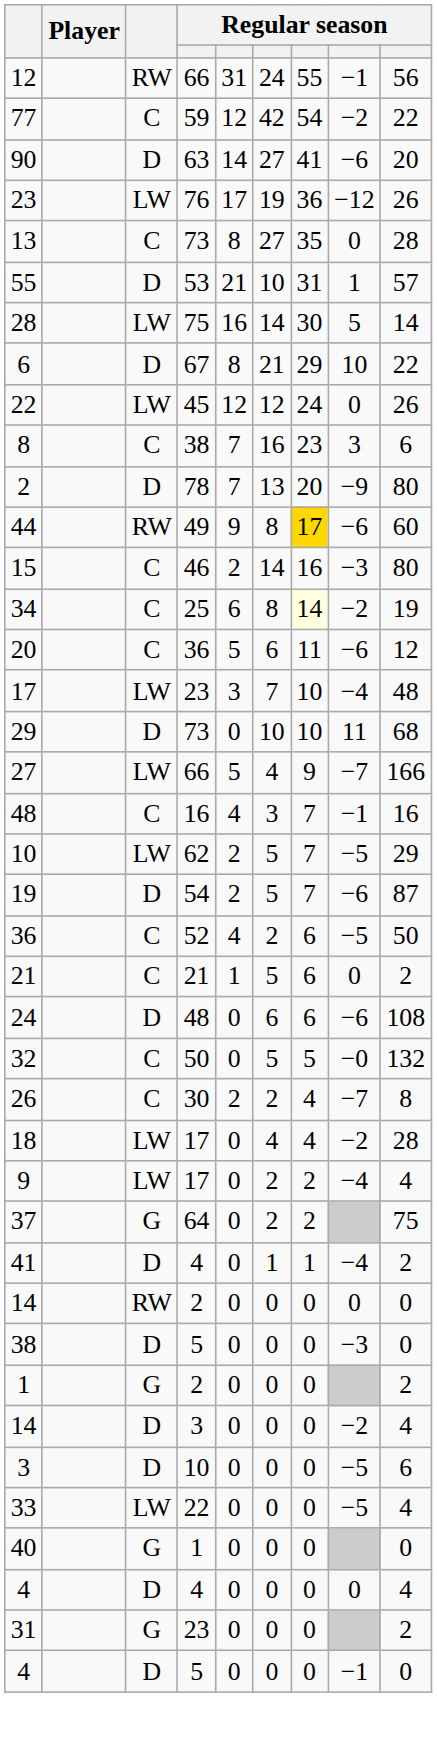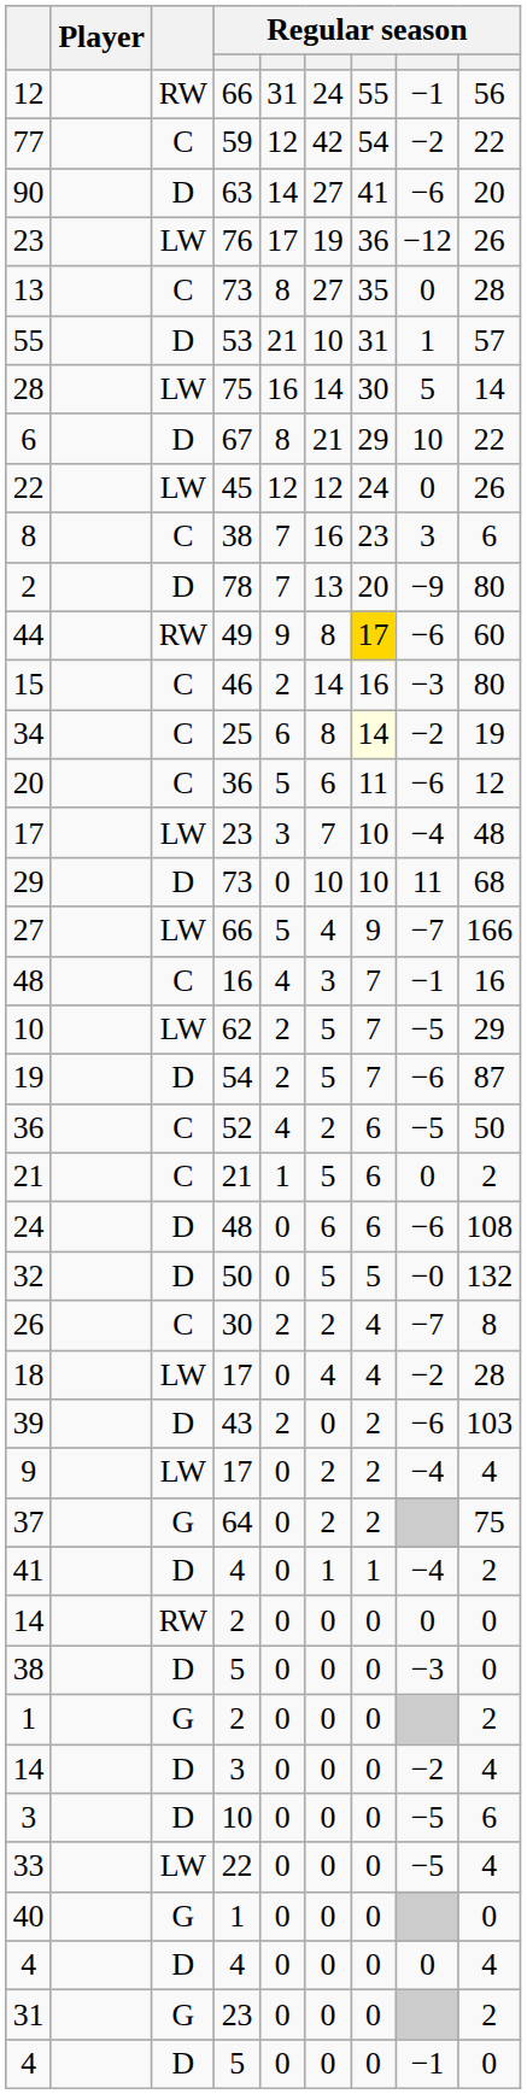 <table class="wikitable sortable plainrowheaders" style="text-align:center;">
 <tr>
 <th scope="col" data-sort-type="number" rowspan="2"></th>
 <th scope="col" rowspan="2">Player</th>
 <th scope="col" rowspan="2"></th>
 <th scope=colgroup colspan=6>Regular season</th>
 </tr>
 <tr>
 <th scope="col" data-sort-type="number"></th>
 <th scope="col" data-sort-type="number"></th>
 <th scope="col" data-sort-type="number"></th>
 <th scope="col" data-sort-type="number"></th>
 <th scope="col" data-sort-type="number"></th>
 <th scope="col" data-sort-type="number"></th>
 </tr>
 <tr>
 <td scope="row">12</td>
 <td align="left"></td>
 <td>RW</td>
 <td>66</td>
 <td>31</td>
 <td>24</td>
 <td>55</td>
 <td>−1</td>
 <td>56</td>
 </tr>
 <tr>
 <td scope="row">77</td>
 <td align="left"></td>
 <td>C</td>
 <td>59</td>
 <td>12</td>
 <td>42</td>
 <td>54</td>
 <td>−2</td>
 <td>22</td>
 </tr>
 <tr>
 <td scope="row">90</td>
 <td align="left"></td>
 <td>D</td>
 <td>63</td>
 <td>14</td>
 <td>27</td>
 <td>41</td>
 <td>−6</td>
 <td>20</td>
 </tr>
 <tr>
 <td scope="row">23</td>
 <td align="left"></td>
 <td>LW</td>
 <td>76</td>
 <td>17</td>
 <td>19</td>
 <td>36</td>
 <td>−12</td>
 <td>26</td>
 </tr>
 <tr>
 <td scope="row">13</td>
 <td align="left"></td>
 <td>C</td>
 <td>73</td>
 <td>8</td>
 <td>27</td>
 <td>35</td>
 <td>0</td>
 <td>28</td>
 </tr>
 <tr>
 <td scope="row">55</td>
 <td align="left"></td>
 <td>D</td>
 <td>53</td>
 <td>21</td>
 <td>10</td>
 <td>31</td>
 <td>1</td>
 <td>57</td>
 </tr>
 <tr>
 <td scope="row">28</td>
 <td align="left"></td>
 <td>LW</td>
 <td>75</td>
 <td>16</td>
 <td>14</td>
 <td>30</td>
 <td>5</td>
 <td>14</td>
 </tr>
 <tr>
 <td scope="row">6</td>
 <td align="left"></td>
 <td>D</td>
 <td>67</td>
 <td>8</td>
 <td>21</td>
 <td>29</td>
 <td>10</td>
 <td>22</td>
 </tr>
 <tr>
 <td scope="row">22</td>
 <td align="left"></td>
 <td>LW</td>
 <td>45</td>
 <td>12</td>
 <td>12</td>
 <td>24</td>
 <td>0</td>
 <td>26</td>
 </tr>
 <tr>
 <td scope="row">8</td>
 <td align="left"></td>
 <td>C</td>
 <td>38</td>
 <td>7</td>
 <td>16</td>
 <td>23</td>
 <td>3</td>
 <td>6</td>
 </tr>
 <tr>
 <td scope="row">2</td>
 <td align="left"></td>
 <td>D</td>
 <td>78</td>
 <td>7</td>
 <td>13</td>
 <td>20</td>
 <td>−9</td>
 <td>80</td>
 </tr>
 <tr>
 <td scope="row">44</td>
 <td align="left"></td>
 <td>RW</td>
 <td>49</td>
 <td>9</td>
 <td>8</td>
 <td style="background: gold;">17</td>
 <td>−6</td>
 <td>60</td>
 </tr>
 <tr>
 <td scope="row">15</td>
 <td align="left"></td>
 <td>C</td>
 <td>46</td>
 <td>2</td>
 <td>14</td>
 <td>16</td>
 <td>−3</td>
 <td>80</td>
 </tr>
 <tr>
 <td scope="row">34</td>
 <td align="left"></td>
 <td>C</td>
 <td>25</td>
 <td>6</td>
 <td>8</td>
 <td style="background: lightyellow;">14</td>
 <td>−2</td>
 <td>19</td>
 </tr>
 <tr>
 <td scope="row">20</td>
 <td align="left"></td>
 <td>C</td>
 <td>36</td>
 <td>5</td>
 <td>6</td>
 <td>11</td>
 <td>−6</td>
 <td>12</td>
 </tr>
 <tr>
 <td scope="row">17</td>
 <td align="left"></td>
 <td>LW</td>
 <td>23</td>
 <td>3</td>
 <td>7</td>
 <td>10</td>
 <td>−4</td>
 <td>48</td>
 </tr>
 <tr>
 <td scope="row">29</td>
 <td align="left"></td>
 <td>D</td>
 <td>73</td>
 <td>0</td>
 <td>10</td>
 <td>10</td>
 <td>11</td>
 <td>68</td>
 </tr>
 <tr>
 <td scope="row">27</td>
 <td align="left"></td>
 <td>LW</td>
 <td>66</td>
 <td>5</td>
 <td>4</td>
 <td>9</td>
 <td>−7</td>
 <td>166</td>
 </tr>
 <tr>
 <td scope="row">48</td>
 <td align="left"></td>
 <td>C</td>
 <td>16</td>
 <td>4</td>
 <td>3</td>
 <td>7</td>
 <td>−1</td>
 <td>16</td>
 </tr>
 <tr>
 <td scope="row">10</td>
 <td align="left"></td>
 <td>LW</td>
 <td>62</td>
 <td>2</td>
 <td>5</td>
 <td>7</td>
 <td>−5</td>
 <td>29</td>
 </tr>
 <tr>
 <td scope="row">19</td>
 <td align="left"></td>
 <td>D</td>
 <td>54</td>
 <td>2</td>
 <td>5</td>
 <td>7</td>
 <td>−6</td>
 <td>87</td>
 </tr>
 <tr>
 <td scope="row">36</td>
 <td align="left"></td>
 <td>C</td>
 <td>52</td>
 <td>4</td>
 <td>2</td>
 <td>6</td>
 <td>−5</td>
 <td>50</td>
 </tr>
 <tr>
 <td scope="row">21</td>
 <td align="left"></td>
 <td>C</td>
 <td>21</td>
 <td>1</td>
 <td>5</td>
 <td>6</td>
 <td>0</td>
 <td>2</td>
 </tr>
 <tr>
 <td scope="row">24</td>
 <td align="left"></td>
 <td>D</td>
 <td>48</td>
 <td>0</td>
 <td>6</td>
 <td>6</td>
 <td>−6</td>
 <td>108</td>
 </tr>
 <tr>
 <td scope="row">32</td>
 <td align="left"></td>
-<td>C</td>
+<td>D</td>
 <td>50</td>
 <td>0</td>
 <td>5</td>
 <td>5</td>
 <td>−0</td>
 <td>132</td>
 </tr>
 <tr>
 <td scope="row">26</td>
 <td align="left"></td>
 <td>C</td>
 <td>30</td>
 <td>2</td>
 <td>2</td>
 <td>4</td>
 <td>−7</td>
 <td>8</td>
 </tr>
 <tr>
 <td scope="row">18</td>
 <td align="left"></td>
 <td>LW</td>
 <td>17</td>
 <td>0</td>
 <td>4</td>
 <td>4</td>
 <td>−2</td>
 <td>28</td>
+</tr>
+<tr>
+<td scope="row">39</td>
+<td align="left"></td>
+<td>D</td>
+<td>43</td>
+<td>2</td>
+<td>0</td>
+<td>2</td>
+<td>−6</td>
+<td>103</td>
 </tr>
 <tr>
 <td scope="row">9</td>
 <td align="left"></td>
 <td>LW</td>
 <td>17</td>
 <td>0</td>
 <td>2</td>
 <td>2</td>
 <td>−4</td>
 <td>4</td>
 </tr>
 <tr>
 <td scope="row">37</td>
 <td align="left"></td>
 <td>G</td>
 <td>64</td>
 <td>0</td>
 <td>2</td>
 <td>2</td>
 <td style="background:#ccc"></td>
 <td>75</td>
 </tr>
 <tr>
 <td scope="row">41</td>
 <td align="left"></td>
 <td>D</td>
 <td>4</td>
 <td>0</td>
 <td>1</td>
 <td>1</td>
 <td>−4</td>
 <td>2</td>
 </tr>
 <tr>
 <td scope="row">14</td>
 <td align="left"></td>
 <td>RW</td>
 <td>2</td>
 <td>0</td>
 <td>0</td>
 <td>0</td>
 <td>0</td>
 <td>0</td>
 </tr>
 <tr>
 <td scope="row">38</td>
 <td align="left"></td>
 <td>D</td>
 <td>5</td>
 <td>0</td>
 <td>0</td>
 <td>0</td>
 <td>−3</td>
 <td>0</td>
 </tr>
 <tr>
 <td scope="row">1</td>
 <td align="left"></td>
 <td>G</td>
 <td>2</td>
 <td>0</td>
 <td>0</td>
 <td>0</td>
 <td style="background:#ccc"></td>
 <td>2</td>
 </tr>
 <tr>
 <td scope="row">14</td>
 <td align="left"></td>
 <td>D</td>
 <td>3</td>
 <td>0</td>
 <td>0</td>
 <td>0</td>
 <td>−2</td>
 <td>4</td>
 </tr>
 <tr>
 <td scope="row">3</td>
 <td align="left"></td>
 <td>D</td>
 <td>10</td>
 <td>0</td>
 <td>0</td>
 <td>0</td>
 <td>−5</td>
 <td>6</td>
 </tr>
 <tr>
 <td scope="row">33</td>
 <td align="left"></td>
 <td>LW</td>
 <td>22</td>
 <td>0</td>
 <td>0</td>
 <td>0</td>
 <td>−5</td>
 <td>4</td>
 </tr>
 <tr>
 <td scope="row">40</td>
 <td align="left"></td>
 <td>G</td>
 <td>1</td>
 <td>0</td>
 <td>0</td>
 <td>0</td>
 <td style="background:#ccc"></td>
 <td>0</td>
 </tr>
 <tr>
 <td scope="row">4</td>
 <td align="left"></td>
 <td>D</td>
 <td>4</td>
 <td>0</td>
 <td>0</td>
 <td>0</td>
 <td>0</td>
 <td>4</td>
 </tr>
 <tr>
 <td scope="row">31</td>
 <td align="left"></td>
 <td>G</td>
 <td>23</td>
 <td>0</td>
 <td>0</td>
 <td>0</td>
 <td style="background:#ccc"></td>
 <td>2</td>
 </tr>
 <tr>
 <td scope="row">4</td>
 <td align="left"></td>
 <td>D</td>
 <td>5</td>
 <td>0</td>
 <td>0</td>
 <td>0</td>
 <td>−1</td>
 <td>0</td>
 </tr>
 </table>
